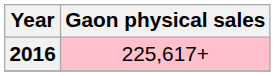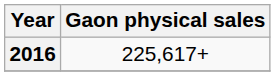 <table class="wikitable">
 <tr>
 <th scope="col">Year</th>
 <th scope="col">Gaon physical sales</th>
 </tr>
 <tr>
 <th scope="row">2016</th>
-<td style="background: pink; text-align:center;">225,617+</td>
+<td style="text-align:center;">225,617+</td>
 </tr>
 <tr>
 </tr>
 </table>
